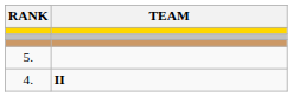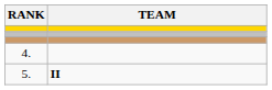 <table class="wikitable" style="border-collapse: collapse; font-size: 90%;">
 <tr>
 <th>RANK</th>
 <th align="left" style="width: 17em">TEAM</th>
 </tr>
 <tr bgcolor=gold>
 <td align="center"></td>
 <td></td>
 </tr>
 <tr bgcolor=silver>
 <td align="center"></td>
 <td></td>
 </tr>
 <tr bgcolor=cc9966>
 <td align="center"></td>
 <td></td>
 </tr>
 <tr>
-<td align="center">5.</td>
+<td align="center">4.</td>
 <td></td>
 </tr>
 <tr>
-<td align="center">4.</td>
+<td align="center">5.</td>
 <td><strong> II</strong></td>
 </tr>
 </table>
